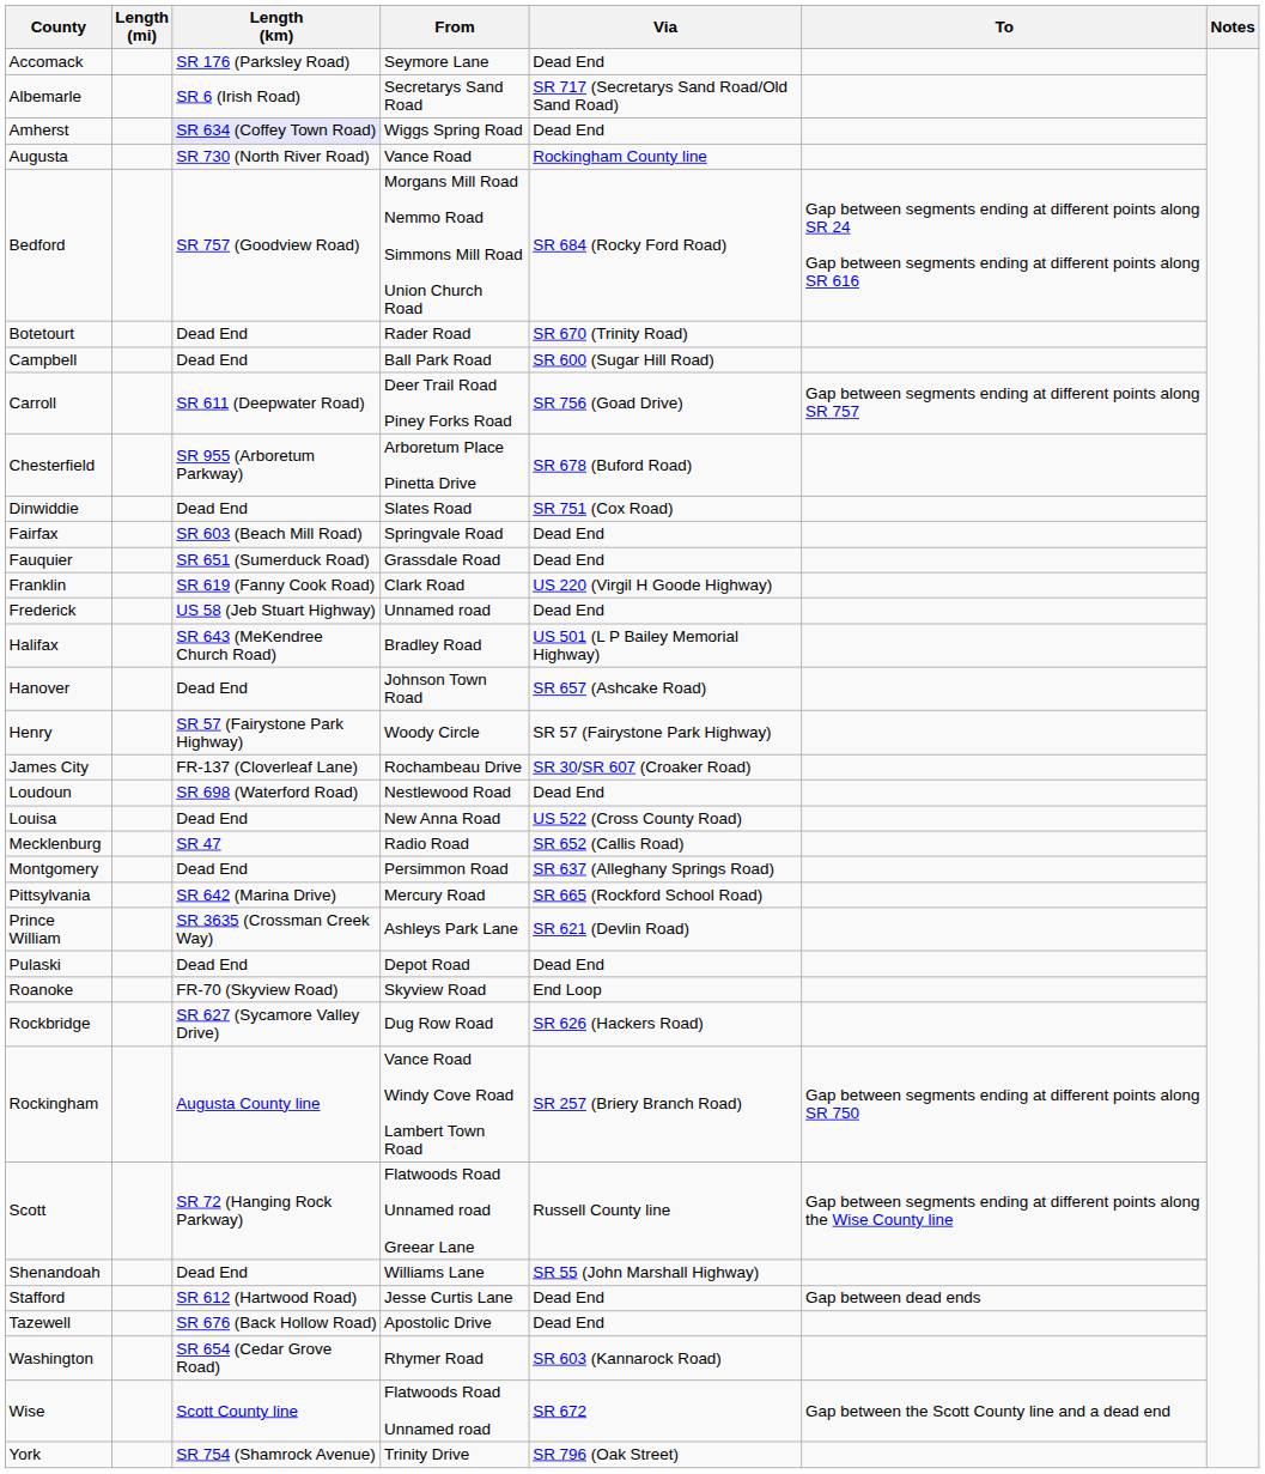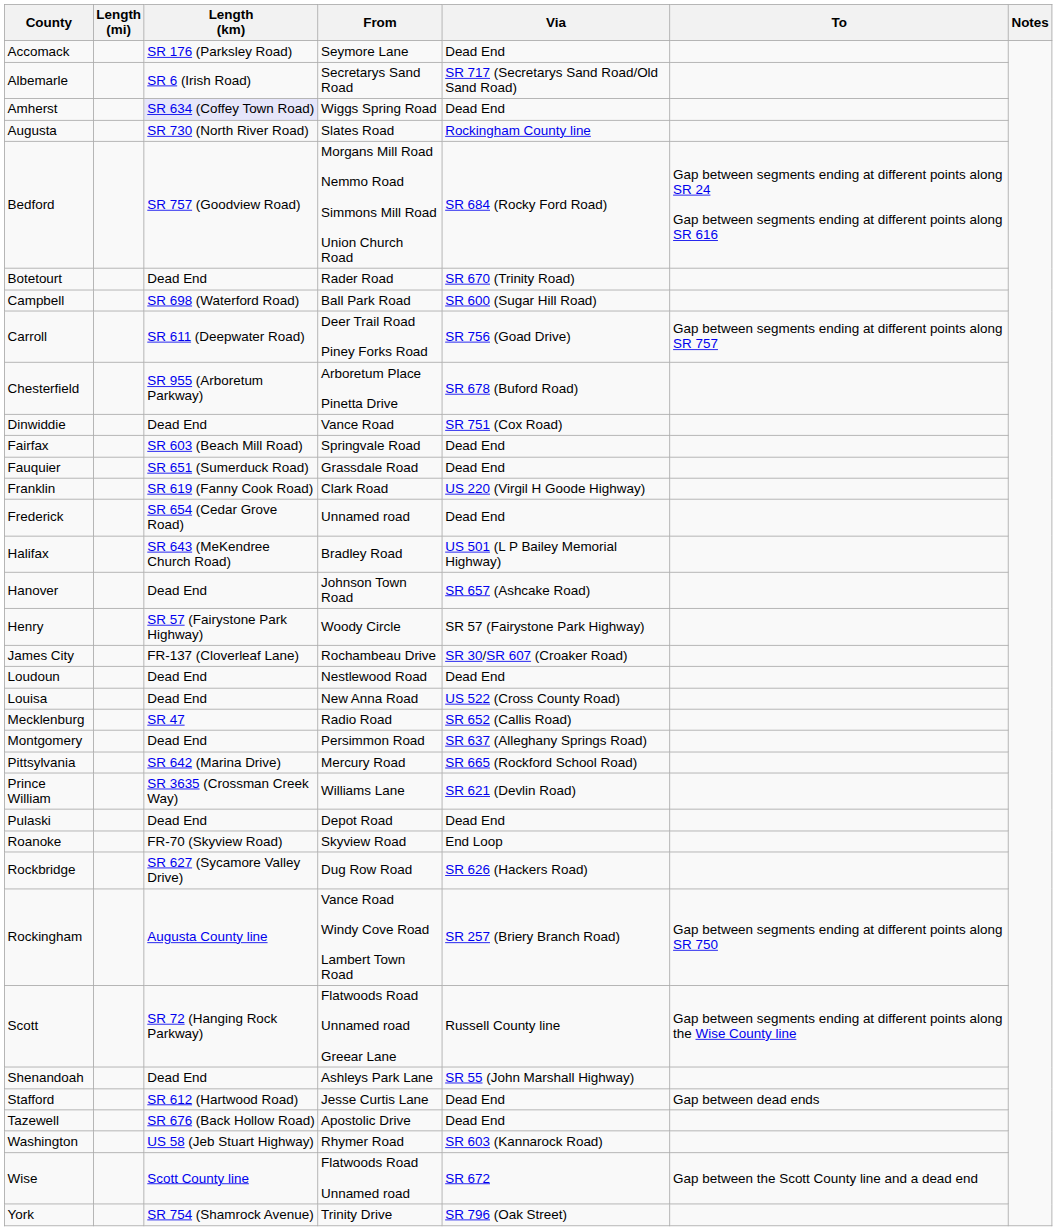 <table class="wikitable sortable">
 <tr>
 <th>County</th>
 <th>Length<br>(mi)</th>
 <th>Length<br>(km)</th>
 <th class="unsortable">From</th>
 <th class="unsortable">Via</th>
 <th class="unsortable">To</th>
 <th class="unsortable">Notes</th>
 </tr>
 <tr>
 <td id="Accomack">Accomack</td>
 <td></td>
 <td><a href='#'>SR 176</a> (Parksley Road)</td>
 <td>Seymore Lane</td>
 <td>Dead End</td>
 <td></td>
 </tr>
 <tr>
 <td id="Albemarle">Albemarle</td>
 <td></td>
 <td><a href='#'>SR 6</a> (Irish Road)</td>
 <td>Secretarys Sand Road</td>
 <td><a href='#'>SR 717</a> (Secretarys Sand Road/Old Sand Road)</td>
 <td><br> </td>
 </tr>
 <tr>
 <td id="Amherst">Amherst</td>
 <td></td>
 <td style="background: lavender;"><a href='#'>SR 634</a> (Coffey Town Road)</td>
 <td>Wiggs Spring Road</td>
 <td>Dead End</td>
 <td><br> </td>
 </tr>
 <tr>
 <td id="Augusta">Augusta</td>
 <td></td>
 <td><a href='#'>SR 730</a> (North River Road)</td>
-<td>Vance Road</td>
+<td>Slates Road</td>
 <td><a href='#'>Rockingham County line</a></td>
 <td><br></td>
 </tr>
 <tr>
 <td id="Bedford">Bedford</td>
 <td></td>
 <td><a href='#'>SR 757</a> (Goodview Road)</td>
 <td>Morgans Mill Road<br><br>Nemmo Road<br><br>Simmons Mill Road<br><br>Union Church Road</td>
 <td><a href='#'>SR 684</a> (Rocky Ford Road)</td>
 <td>Gap between segments ending at different points along <a href='#'>SR 24</a><br><br>Gap between segments ending at different points along <a href='#'>SR 616</a><br></td>
 </tr>
 <tr>
 <td id="Botetourt">Botetourt</td>
 <td></td>
 <td>Dead End</td>
 <td>Rader Road</td>
 <td><a href='#'>SR 670</a> (Trinity Road)</td>
 <td><br>  </td>
 </tr>
 <tr>
 <td id="Campbell">Campbell</td>
 <td></td>
-<td>Dead End</td>
+<td><a href='#'>SR 698</a> (Waterford Road)</td>
 <td>Ball Park Road</td>
 <td><a href='#'>SR 600</a> (Sugar Hill Road)</td>
 <td><br></td>
 </tr>
 <tr>
 <td id="Carroll">Carroll</td>
 <td></td>
 <td><a href='#'>SR 611</a> (Deepwater Road)</td>
 <td>Deer Trail Road<br><br>Piney Forks Road</td>
 <td><a href='#'>SR 756</a> (Goad Drive)</td>
 <td>Gap between segments ending at different points along <a href='#'>SR 757</a><br> </td>
 </tr>
 <tr>
 <td id="Chesterfield">Chesterfield</td>
 <td></td>
 <td><a href='#'>SR 955</a> (Arboretum Parkway)</td>
 <td>Arboretum Place<br><br>Pinetta Drive</td>
 <td><a href='#'>SR 678</a> (Buford Road)</td>
 <td><br>    </td>
 </tr>
 <tr>
 <td id="Dinwiddie">Dinwiddie</td>
 <td></td>
 <td>Dead End</td>
-<td>Slates Road</td>
+<td>Vance Road</td>
 <td><a href='#'>SR 751</a> (Cox Road)</td>
 <td><br></td>
 </tr>
 <tr>
 <td id="Fairfax">Fairfax</td>
 <td></td>
 <td><a href='#'>SR 603</a> (Beach Mill Road)</td>
 <td>Springvale Road</td>
 <td>Dead End</td>
 <td></td>
 </tr>
 <tr>
 <td id="Fauquier">Fauquier</td>
 <td></td>
 <td><a href='#'>SR 651</a> (Sumerduck Road)</td>
 <td>Grassdale Road</td>
 <td>Dead End</td>
 <td><br> </td>
 </tr>
 <tr>
 <td id="Franklin">Franklin</td>
 <td></td>
 <td><a href='#'>SR 619</a> (Fanny Cook Road)</td>
 <td>Clark Road</td>
 <td><a href='#'>US 220</a> (Virgil H Goode Highway)</td>
 <td></td>
 </tr>
 <tr>
 <td id="Frederick">Frederick</td>
 <td></td>
-<td><a href='#'>US 58</a> (Jeb Stuart Highway)</td>
+<td><a href='#'>SR 654</a> (Cedar Grove Road)</td>
 <td>Unnamed road</td>
 <td>Dead End</td>
 <td><br>     </td>
 </tr>
 <tr>
 <td id="Halifax">Halifax</td>
 <td></td>
 <td><a href='#'>SR 643</a> (MeKendree Church Road)</td>
 <td>Bradley Road</td>
 <td><a href='#'>US 501</a> (L P Bailey Memorial Highway)</td>
 <td></td>
 </tr>
 <tr>
 <td id="Hanover">Hanover</td>
 <td></td>
 <td>Dead End</td>
 <td>Johnson Town Road</td>
 <td><a href='#'>SR 657</a> (Ashcake Road)</td>
 <td><br></td>
 </tr>
 <tr>
 <td id="Henry">Henry</td>
 <td></td>
 <td><a href='#'>SR 57</a> (Fairystone Park Highway)</td>
 <td>Woody Circle</td>
 <td>SR 57 (Fairystone Park Highway)</td>
 <td><br> </td>
 </tr>
 <tr>
 <td id="James City">James City</td>
 <td></td>
 <td>FR-137 (Cloverleaf Lane)</td>
 <td>Rochambeau Drive</td>
 <td><a href='#'>SR 30</a>/<a href='#'>SR 607</a> (Croaker Road)</td>
 <td><br>    </td>
 </tr>
 <tr>
 <td id="Loudoun">Loudoun</td>
 <td></td>
-<td><a href='#'>SR 698</a> (Waterford Road)</td>
+<td>Dead End</td>
 <td>Nestlewood Road</td>
 <td>Dead End</td>
 <td></td>
 </tr>
 <tr>
 <td id="Louisa">Louisa</td>
 <td></td>
 <td>Dead End</td>
 <td>New Anna Road</td>
 <td><a href='#'>US 522</a> (Cross County Road)</td>
 <td><br>  </td>
 </tr>
 <tr>
 <td id="Mecklenburg">Mecklenburg</td>
 <td></td>
 <td><a href='#'>SR 47</a></td>
 <td>Radio Road</td>
 <td><a href='#'>SR 652</a> (Callis Road)</td>
 <td><br></td>
 </tr>
 <tr>
 <td id="Montgomery">Montgomery</td>
 <td></td>
 <td>Dead End</td>
 <td>Persimmon Road</td>
 <td><a href='#'>SR 637</a> (Alleghany Springs Road)</td>
 <td><br>       </td>
 </tr>
 <tr>
 <td id="Pittsylvania">Pittsylvania</td>
 <td></td>
 <td><a href='#'>SR 642</a> (Marina Drive)</td>
 <td>Mercury Road</td>
 <td><a href='#'>SR 665</a> (Rockford School Road)</td>
 <td><br>  </td>
 </tr>
 <tr>
 <td id="Prince William">Prince William</td>
 <td></td>
 <td><a href='#'>SR 3635</a> (Crossman Creek Way)</td>
-<td>Ashleys Park Lane</td>
+<td>Williams Lane</td>
 <td><a href='#'>SR 621</a> (Devlin Road)</td>
 <td></td>
 </tr>
 <tr>
 <td id="Pulaski">Pulaski</td>
 <td></td>
 <td>Dead End</td>
 <td>Depot Road</td>
 <td>Dead End</td>
 <td><br> </td>
 </tr>
 <tr>
 <td id="Roanoke">Roanoke</td>
 <td></td>
 <td>FR-70 (Skyview Road)</td>
 <td>Skyview Road</td>
 <td>End Loop</td>
 <td></td>
 </tr>
 <tr>
 <td id="Rockbridge">Rockbridge</td>
 <td></td>
 <td><a href='#'>SR 627</a> (Sycamore Valley Drive)</td>
 <td>Dug Row Road</td>
 <td><a href='#'>SR 626</a> (Hackers Road)</td>
 <td></td>
 </tr>
 <tr>
 <td id="Rockingham">Rockingham</td>
 <td></td>
 <td><a href='#'>Augusta County line</a></td>
 <td>Vance Road<br><br>Windy Cove Road<br><br>Lambert Town Road</td>
 <td><a href='#'>SR 257</a> (Briery Branch Road)</td>
 <td>Gap between segments ending at different points along <a href='#'>SR 750</a><br></td>
 </tr>
 <tr>
 <td id="Scott">Scott</td>
 <td></td>
 <td><a href='#'>SR 72</a> (Hanging Rock Parkway)</td>
 <td>Flatwoods Road<br><br>Unnamed road<br><br>Greear Lane</td>
 <td>Russell County line</td>
 <td>Gap between segments ending at different points along the <a href='#'>Wise County line</a></td>
 </tr>
 <tr>
 <td id="Shenandoah">Shenandoah</td>
 <td></td>
 <td>Dead End</td>
-<td>Williams Lane</td>
+<td>Ashleys Park Lane</td>
 <td><a href='#'>SR 55</a> (John Marshall Highway)</td>
 <td><br>  </td>
 </tr>
 <tr>
 <td id="Stafford">Stafford</td>
 <td></td>
 <td><a href='#'>SR 612</a> (Hartwood Road)</td>
 <td>Jesse Curtis Lane</td>
 <td>Dead End</td>
 <td>Gap between dead ends<br> </td>
 </tr>
 <tr>
 <td id="Tazewell">Tazewell</td>
 <td></td>
 <td><a href='#'>SR 676</a> (Back Hollow Road)</td>
 <td>Apostolic Drive</td>
 <td>Dead End</td>
 <td><br></td>
 </tr>
 <tr>
 <td id="Washington">Washington</td>
 <td></td>
-<td><a href='#'>SR 654</a> (Cedar Grove Road)</td>
+<td><a href='#'>US 58</a> (Jeb Stuart Highway)</td>
 <td>Rhymer Road</td>
 <td><a href='#'>SR 603</a> (Kannarock Road)</td>
 <td><br></td>
 </tr>
 <tr>
 <td id="Wise">Wise</td>
 <td></td>
 <td><a href='#'>Scott County line</a></td>
 <td>Flatwoods Road<br><br>Unnamed road</td>
 <td><a href='#'>SR 672</a></td>
 <td>Gap between the Scott County line and a dead end<br></td>
 </tr>
 <tr>
 <td id="York">York</td>
 <td></td>
 <td><a href='#'>SR 754</a> (Shamrock Avenue)</td>
 <td>Trinity Drive</td>
 <td><a href='#'>SR 796</a> (Oak Street)</td>
 <td></td>
 </tr>
 </table>
